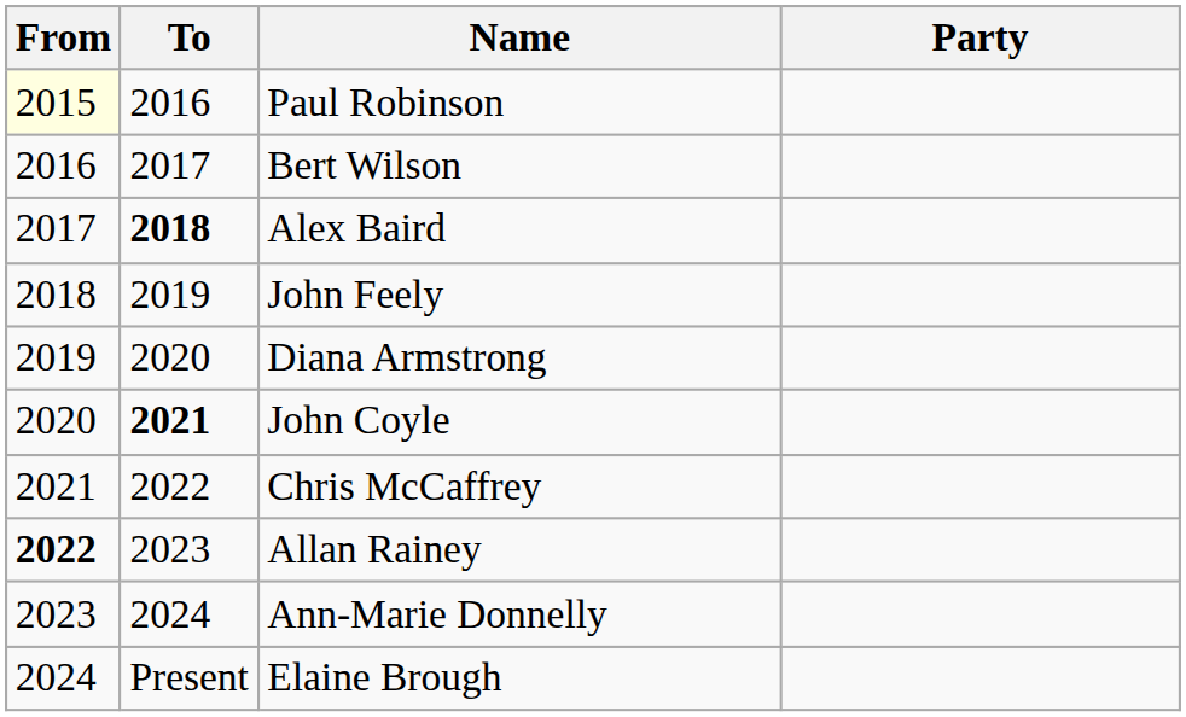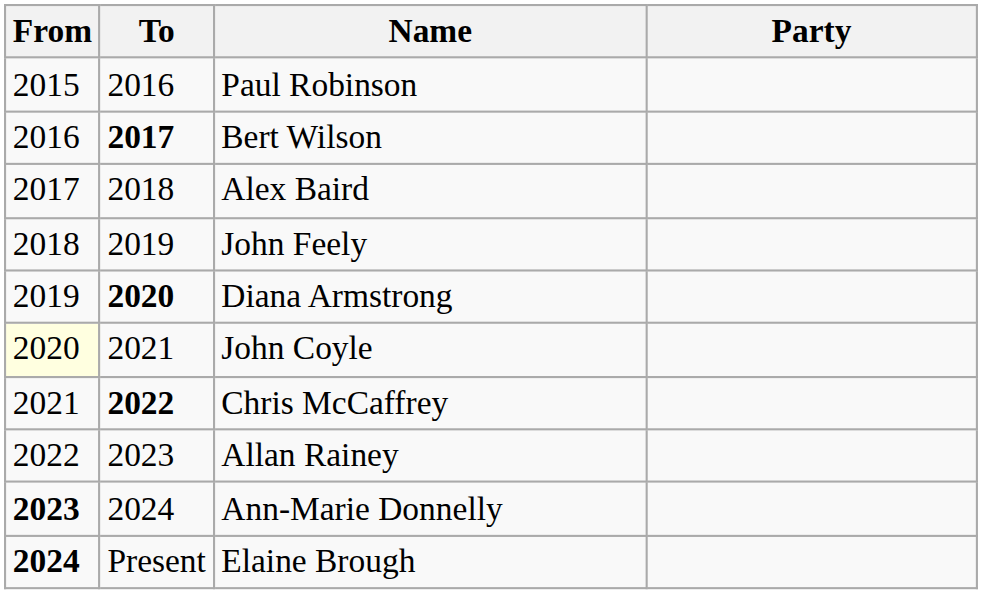 <table class="wikitable sortable">
 <tr>
 <th>From</th>
 <th>To</th>
 <th scope="col" width="200">Name</th>
 <th scope="col" width="150" colspan=2>Party</th>
 </tr>
 <tr>
-<td style="background: lightyellow;">2015</td>
+<td>2015</td>
 <td>2016</td>
 <td>Paul Robinson</td>
 <td></td>
 </tr>
 <tr>
 <td>2016</td>
-<td>2017</td>
+<td><strong>2017</strong></td>
 <td>Bert Wilson</td>
 <td></td>
 </tr>
 <tr>
 <td>2017</td>
-<td><strong>2018</strong></td>
+<td>2018</td>
 <td>Alex Baird</td>
 <td></td>
 </tr>
 <tr>
 <td>2018</td>
 <td>2019</td>
 <td>John Feely</td>
 <td></td>
 </tr>
 <tr>
 <td>2019</td>
-<td>2020</td>
+<td><strong>2020</strong></td>
 <td>Diana Armstrong</td>
 <td></td>
 </tr>
 <tr>
-<td>2020</td>
-<td><strong>2021</strong></td>
+<td style="background: lightyellow;">2020</td>
+<td>2021</td>
 <td>John Coyle</td>
 <td></td>
 </tr>
 <tr>
 <td>2021</td>
-<td>2022</td>
+<td><strong>2022</strong></td>
 <td>Chris McCaffrey</td>
 <td></td>
 </tr>
 <tr>
-<td><strong>2022</strong></td>
+<td>2022</td>
 <td>2023</td>
 <td>Allan Rainey</td>
 <td></td>
 </tr>
 <tr>
-<td>2023</td>
+<td><strong>2023</strong></td>
 <td>2024</td>
 <td>Ann-Marie Donnelly</td>
 <td></td>
 </tr>
 <tr>
-<td>2024</td>
+<td><strong>2024</strong></td>
 <td>Present</td>
 <td>Elaine Brough</td>
 <td></td>
 </tr>
 </table>
